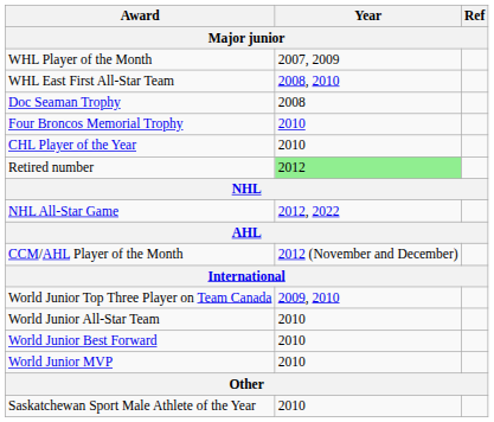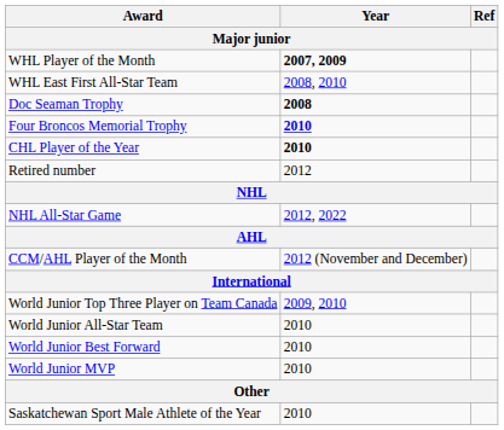 <table class="wikitable">
 <tr>
 <th>Award</th>
 <th>Year</th>
 <th>Ref</th>
 </tr>
 <tr>
 <th colspan="3">Major junior</th>
 </tr>
 <tr>
 <td>WHL Player of the Month</td>
-<td>2007, 2009</td>
+<td><strong>2007, 2009</strong></td>
 <td></td>
 </tr>
 <tr>
 <td>WHL East First All-Star Team</td>
 <td><a href='#'>2008</a>, <a href='#'>2010</a></td>
 <td></td>
 </tr>
 <tr>
 <td><a href='#'>Doc Seaman Trophy</a></td>
-<td>2008</td>
+<td><strong>2008</strong></td>
 <td></td>
 </tr>
 <tr>
 <td><a href='#'>Four Broncos Memorial Trophy</a></td>
-<td><a href='#'>2010</a></td>
+<td><strong><a href='#'>2010</a></strong></td>
 <td></td>
 </tr>
 <tr>
 <td><a href='#'>CHL Player of the Year</a></td>
-<td>2010</td>
+<td><strong>2010</strong></td>
 <td></td>
 </tr>
 <tr>
 <td>Retired number</td>
-<td style="background: lightgreen;">2012</td>
+<td>2012</td>
 <td></td>
 </tr>
 <tr>
 <th colspan="3"><a href='#'>NHL</a></th>
 </tr>
 <tr>
 <td><a href='#'>NHL All-Star Game</a></td>
 <td><a href='#'>2012</a>, <a href='#'>2022</a></td>
 <td></td>
 </tr>
 <tr>
 <th colspan="3"><a href='#'>AHL</a></th>
 </tr>
 <tr>
 <td><a href='#'>CCM</a>/<a href='#'>AHL</a> Player of the Month</td>
 <td><a href='#'>2012</a> (November and December)</td>
 <td></td>
 </tr>
 <tr>
 <th colspan="3"><a href='#'>International</a></th>
 </tr>
 <tr>
 <td>World Junior Top Three Player on <a href='#'>Team Canada</a></td>
 <td><a href='#'>2009</a>, <a href='#'>2010</a></td>
 <td></td>
 </tr>
 <tr>
 <td>World Junior All-Star Team</td>
 <td>2010</td>
 <td></td>
 </tr>
 <tr>
 <td><a href='#'>World Junior Best Forward</a></td>
 <td>2010</td>
 <td></td>
 </tr>
 <tr>
 <td><a href='#'>World Junior MVP</a></td>
 <td>2010</td>
 <td></td>
 </tr>
 <tr>
 <th colspan="3">Other</th>
 </tr>
 <tr>
 <td>Saskatchewan Sport Male Athlete of the Year</td>
 <td>2010</td>
 <td></td>
 </tr>
 </table>
